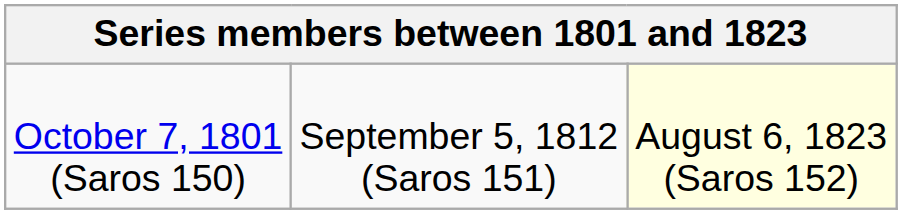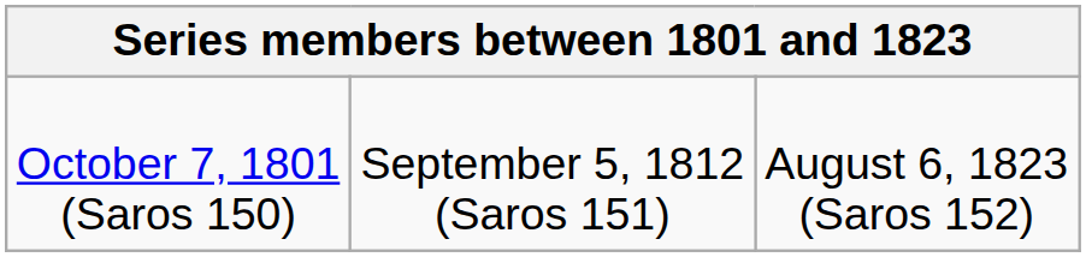 <table class="wikitable mw-collapsible mw-collapsed">
 <tr>
 <th colspan=5>Series members between 1801 and 1823</th>
 </tr>
 <tr style="text-align:center;">
 <td><br><a href='#'>October 7, 1801</a><br>(Saros 150)</td>
 <td><br>September 5, 1812<br>(Saros 151)</td>
-<td style="background: lightyellow;"><br>August 6, 1823<br>(Saros 152)</td>
+<td><br>August 6, 1823<br>(Saros 152)</td>
 </tr>
 </table>
